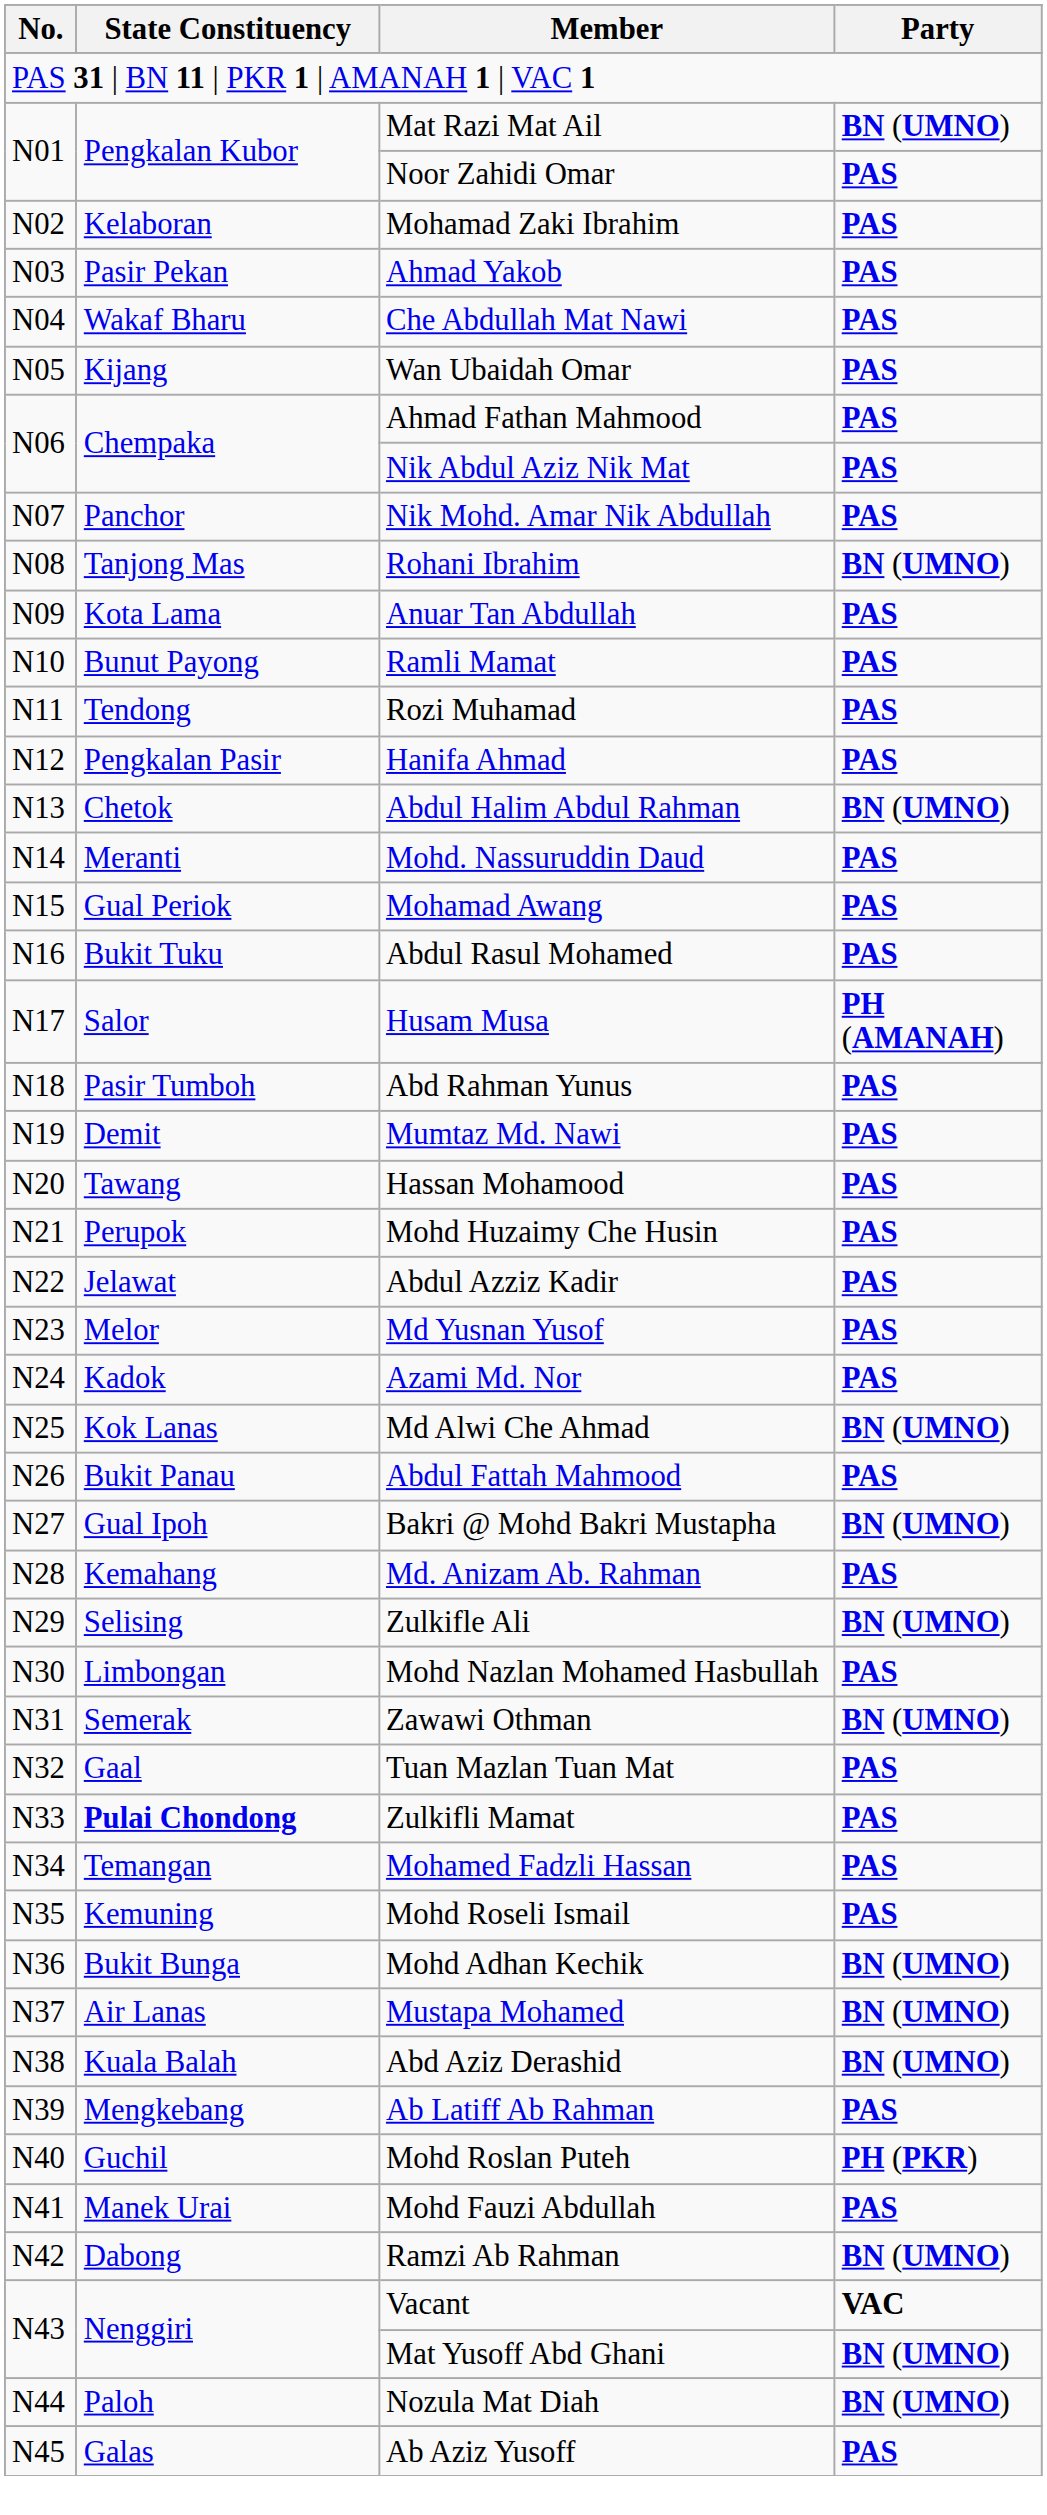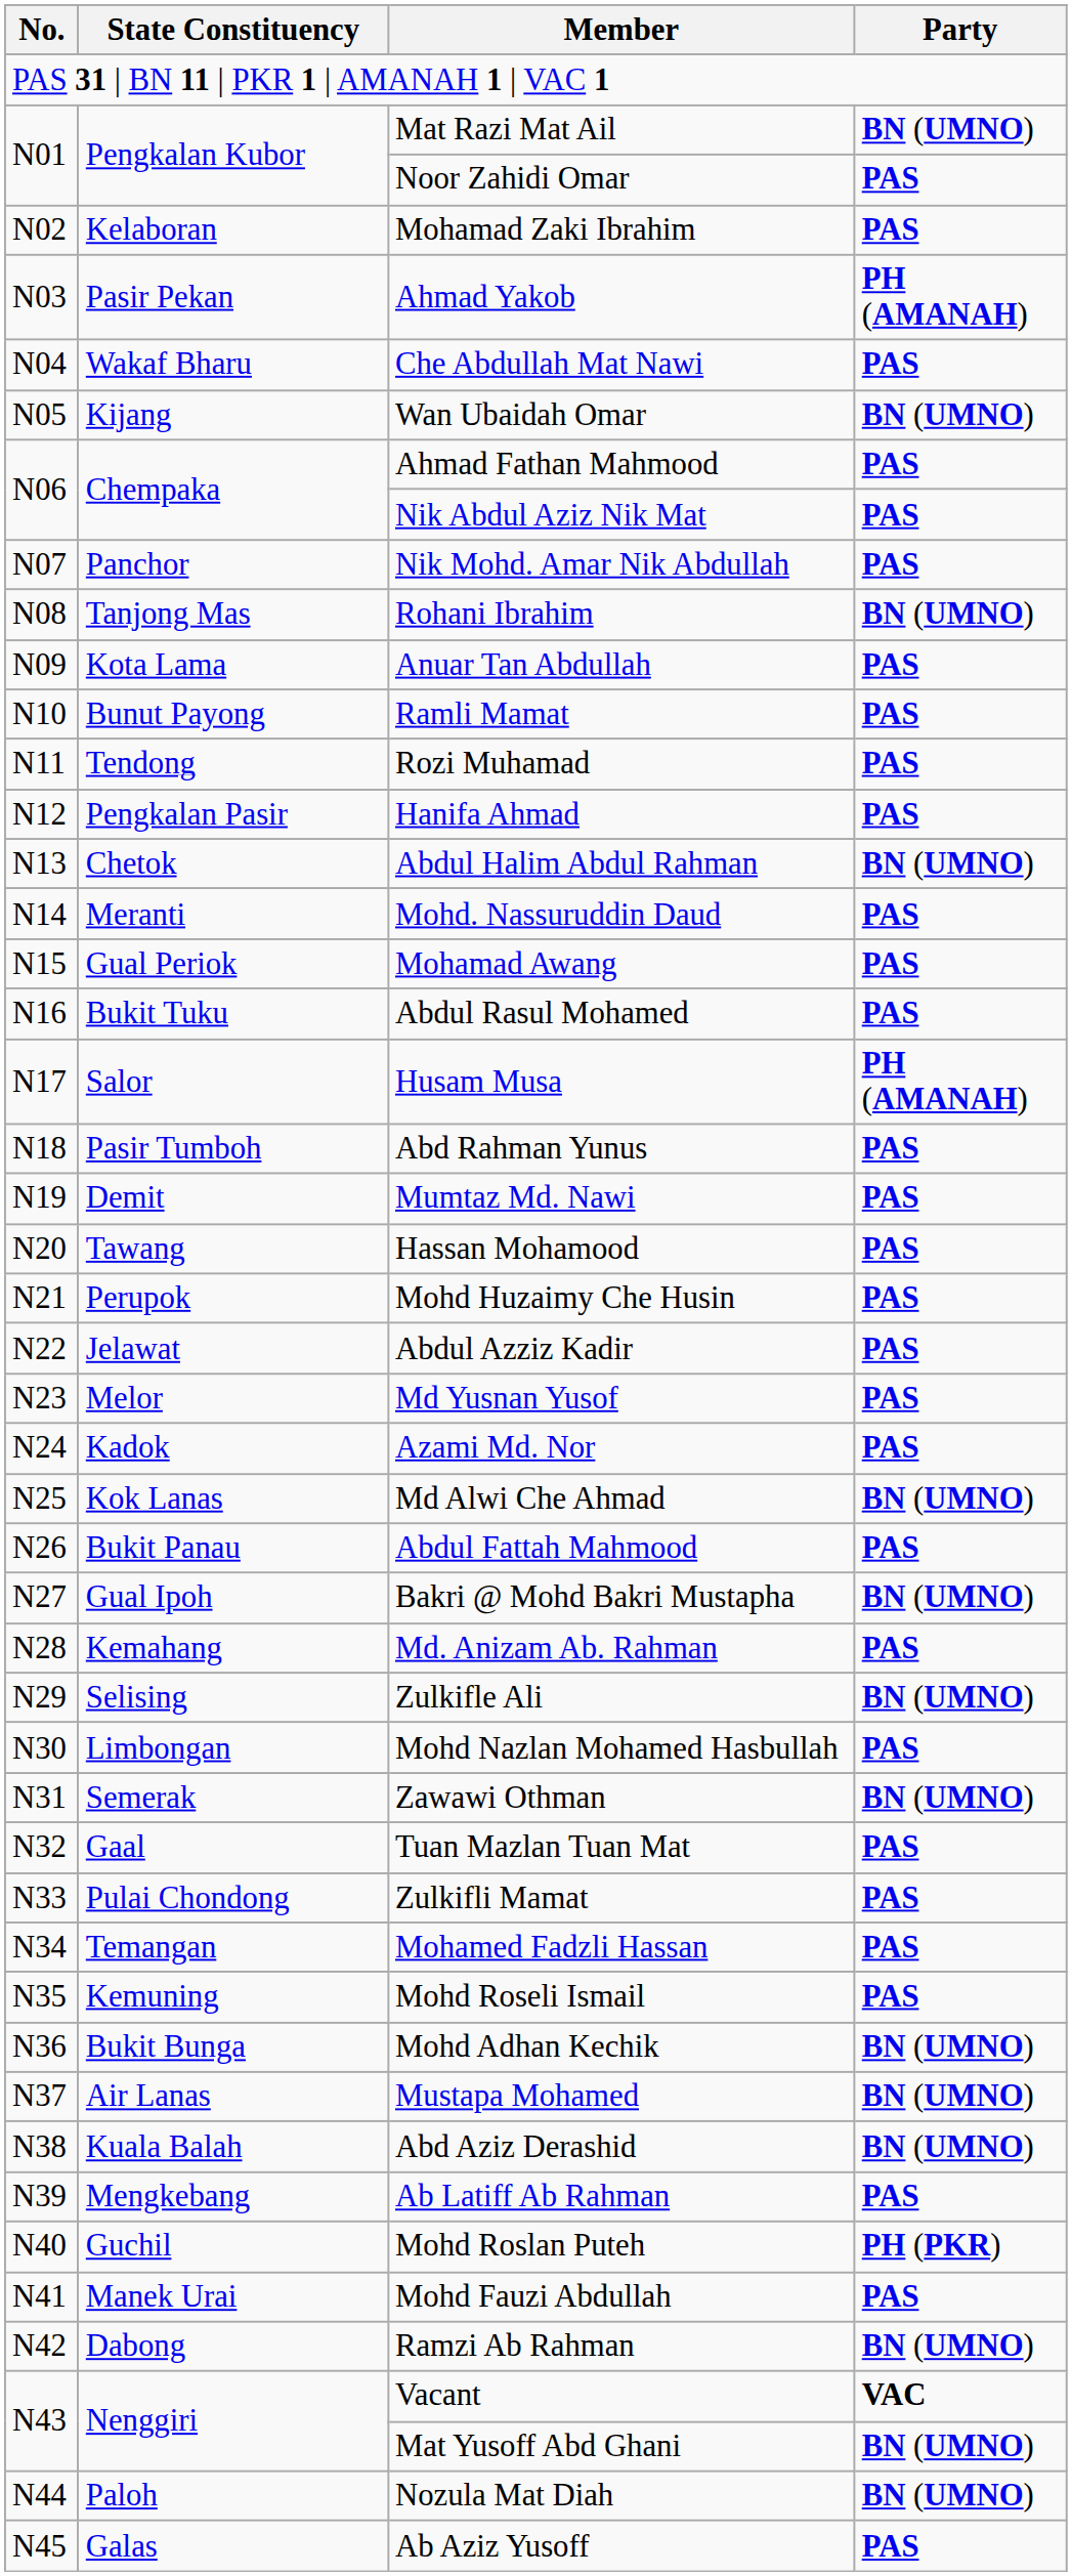 <table class="wikitable sortable">
 <tr>
 <th style="width:30px;">No.</th>
 <th style="width:150px;">State Constituency</th>
 <th style="width:230px;">Member</th>
 <th style="width:100px;">Party</th>
 </tr>
 <tr>
 <td colspan="4"><a href='#'>PAS</a> <strong>31</strong> | <a href='#'>BN</a> <strong>11</strong> | <a href='#'>PKR</a> <strong>1</strong> | <a href='#'>AMANAH</a> <strong>1</strong> | <a href='#'>VAC</a> <strong>1</strong></td>
 </tr>
 <tr>
 <td rowspan=2>N01</td>
 <td rowspan=2><a href='#'>Pengkalan Kubor</a></td>
 <td>Mat Razi Mat Ail </td>
 <td><strong><a href='#'>BN</a></strong> (<strong><a href='#'>UMNO</a></strong>)</td>
 </tr>
 <tr>
 <td>Noor Zahidi Omar </td>
 <td><strong><a href='#'>PAS</a></strong></td>
 </tr>
 <tr>
 <td>N02</td>
 <td><a href='#'>Kelaboran</a></td>
 <td>Mohamad Zaki Ibrahim</td>
 <td><strong><a href='#'>PAS</a></strong></td>
 </tr>
 <tr>
 <td>N03</td>
 <td><a href='#'>Pasir Pekan</a></td>
 <td><a href='#'>Ahmad Yakob</a></td>
-<td><strong><a href='#'>PAS</a></strong></td>
+<td><strong><a href='#'>PH</a></strong> (<strong><a href='#'>AMANAH</a></strong>)</td>
 </tr>
 <tr>
 <td>N04</td>
 <td><a href='#'>Wakaf Bharu</a></td>
 <td><a href='#'>Che Abdullah Mat Nawi</a></td>
 <td><strong><a href='#'>PAS</a></strong></td>
 </tr>
 <tr>
 <td>N05</td>
 <td><a href='#'>Kijang</a></td>
 <td>Wan Ubaidah Omar</td>
-<td><strong><a href='#'>PAS</a></strong></td>
+<td><strong><a href='#'>BN</a></strong> (<strong><a href='#'>UMNO</a></strong>)</td>
 </tr>
 <tr>
 <td rowspan=2>N06</td>
 <td rowspan=2><a href='#'>Chempaka</a></td>
 <td>Ahmad Fathan Mahmood </td>
 <td><strong><a href='#'>PAS</a></strong></td>
 </tr>
 <tr>
 <td><a href='#'>Nik Abdul Aziz Nik Mat</a> </td>
 <td><strong><a href='#'>PAS</a></strong></td>
 </tr>
 <tr>
 <td>N07</td>
 <td><a href='#'>Panchor</a></td>
 <td><a href='#'>Nik Mohd. Amar Nik Abdullah</a></td>
 <td><strong><a href='#'>PAS</a></strong></td>
 </tr>
 <tr>
 <td>N08</td>
 <td><a href='#'>Tanjong Mas</a></td>
 <td><a href='#'>Rohani Ibrahim</a></td>
 <td><strong><a href='#'>BN</a></strong> (<strong><a href='#'>UMNO</a></strong>)</td>
 </tr>
 <tr>
 <td>N09</td>
 <td><a href='#'>Kota Lama</a></td>
 <td><a href='#'>Anuar Tan Abdullah</a></td>
 <td><strong><a href='#'>PAS</a></strong></td>
 </tr>
 <tr>
 <td>N10</td>
 <td><a href='#'>Bunut Payong</a></td>
 <td><a href='#'>Ramli Mamat</a></td>
 <td><strong><a href='#'>PAS</a></strong></td>
 </tr>
 <tr>
 <td>N11</td>
 <td><a href='#'>Tendong</a></td>
 <td>Rozi Muhamad</td>
 <td><strong><a href='#'>PAS</a></strong></td>
 </tr>
 <tr>
 <td>N12</td>
 <td><a href='#'>Pengkalan Pasir</a></td>
 <td><a href='#'>Hanifa Ahmad</a></td>
 <td><strong><a href='#'>PAS</a></strong></td>
 </tr>
 <tr>
 <td>N13</td>
 <td><a href='#'>Chetok</a></td>
 <td><a href='#'>Abdul Halim Abdul Rahman</a></td>
 <td><strong><a href='#'>BN</a></strong> (<strong><a href='#'>UMNO</a></strong>)</td>
 </tr>
 <tr>
 <td>N14</td>
 <td><a href='#'>Meranti</a></td>
 <td><a href='#'>Mohd. Nassuruddin Daud</a></td>
 <td><strong><a href='#'>PAS</a></strong></td>
 </tr>
 <tr>
 <td>N15</td>
 <td><a href='#'>Gual Periok</a></td>
 <td><a href='#'>Mohamad Awang</a></td>
 <td><strong><a href='#'>PAS</a></strong></td>
 </tr>
 <tr>
 <td>N16</td>
 <td><a href='#'>Bukit Tuku</a></td>
 <td>Abdul Rasul Mohamed</td>
 <td><strong><a href='#'>PAS</a></strong></td>
 </tr>
 <tr>
 <td>N17</td>
 <td><a href='#'>Salor</a></td>
 <td><a href='#'>Husam Musa</a></td>
 <td><strong><a href='#'>PH</a></strong> (<strong><a href='#'>AMANAH</a></strong>)</td>
 </tr>
 <tr>
 <td>N18</td>
 <td><a href='#'>Pasir Tumboh</a></td>
 <td>Abd Rahman Yunus</td>
 <td><strong><a href='#'>PAS</a></strong></td>
 </tr>
 <tr>
 <td>N19</td>
 <td><a href='#'>Demit</a></td>
 <td><a href='#'>Mumtaz Md. Nawi</a></td>
 <td><strong><a href='#'>PAS</a></strong></td>
 </tr>
 <tr>
 <td>N20</td>
 <td><a href='#'>Tawang</a></td>
 <td>Hassan Mohamood</td>
 <td><strong><a href='#'>PAS</a></strong></td>
 </tr>
 <tr>
 <td>N21</td>
 <td><a href='#'>Perupok</a></td>
 <td>Mohd Huzaimy Che Husin</td>
 <td><strong><a href='#'>PAS</a></strong></td>
 </tr>
 <tr>
 <td>N22</td>
 <td><a href='#'>Jelawat</a></td>
 <td>Abdul Azziz Kadir</td>
 <td><strong><a href='#'>PAS</a></strong></td>
 </tr>
 <tr>
 <td>N23</td>
 <td><a href='#'>Melor</a></td>
 <td><a href='#'>Md Yusnan Yusof</a></td>
 <td><strong><a href='#'>PAS</a></strong></td>
 </tr>
 <tr>
 <td>N24</td>
 <td><a href='#'>Kadok</a></td>
 <td><a href='#'>Azami Md. Nor</a></td>
 <td><strong><a href='#'>PAS</a></strong></td>
 </tr>
 <tr>
 <td>N25</td>
 <td><a href='#'>Kok Lanas</a></td>
 <td>Md Alwi Che Ahmad</td>
 <td><strong><a href='#'>BN</a></strong> (<strong><a href='#'>UMNO</a></strong>)</td>
 </tr>
 <tr>
 <td>N26</td>
 <td><a href='#'>Bukit Panau</a></td>
 <td><a href='#'>Abdul Fattah Mahmood</a></td>
 <td><strong><a href='#'>PAS</a></strong></td>
 </tr>
 <tr>
 <td>N27</td>
 <td><a href='#'>Gual Ipoh</a></td>
 <td>Bakri @ Mohd Bakri Mustapha</td>
 <td><strong><a href='#'>BN</a></strong> (<strong><a href='#'>UMNO</a></strong>)</td>
 </tr>
 <tr>
 <td>N28</td>
 <td><a href='#'>Kemahang</a></td>
 <td><a href='#'>Md. Anizam Ab. Rahman</a></td>
 <td><strong><a href='#'>PAS</a></strong></td>
 </tr>
 <tr>
 <td>N29</td>
 <td><a href='#'>Selising</a></td>
 <td>Zulkifle Ali</td>
 <td><strong><a href='#'>BN</a></strong> (<strong><a href='#'>UMNO</a></strong>)</td>
 </tr>
 <tr>
 <td>N30</td>
 <td><a href='#'>Limbongan</a></td>
 <td>Mohd Nazlan Mohamed Hasbullah</td>
 <td><strong><a href='#'>PAS</a></strong></td>
 </tr>
 <tr>
 <td>N31</td>
 <td><a href='#'>Semerak</a></td>
 <td>Zawawi Othman</td>
 <td><strong><a href='#'>BN</a></strong> (<strong><a href='#'>UMNO</a></strong>)</td>
 </tr>
 <tr>
 <td>N32</td>
 <td><a href='#'>Gaal</a></td>
 <td>Tuan Mazlan Tuan Mat</td>
 <td><strong><a href='#'>PAS</a></strong></td>
 </tr>
 <tr>
 <td>N33</td>
-<td><strong><a href='#'>Pulai Chondong</a></strong></td>
+<td><a href='#'>Pulai Chondong</a></td>
 <td>Zulkifli Mamat</td>
 <td><strong><a href='#'>PAS</a></strong></td>
 </tr>
 <tr>
 <td>N34</td>
 <td><a href='#'>Temangan</a></td>
 <td><a href='#'>Mohamed Fadzli Hassan</a></td>
 <td><strong><a href='#'>PAS</a></strong></td>
 </tr>
 <tr>
 <td>N35</td>
 <td><a href='#'>Kemuning</a></td>
 <td>Mohd Roseli Ismail</td>
 <td><strong><a href='#'>PAS</a></strong></td>
 </tr>
 <tr>
 <td>N36</td>
 <td><a href='#'>Bukit Bunga</a></td>
 <td>Mohd Adhan Kechik</td>
 <td><strong><a href='#'>BN</a></strong> (<strong><a href='#'>UMNO</a></strong>)</td>
 </tr>
 <tr>
 <td>N37</td>
 <td><a href='#'>Air Lanas</a></td>
 <td><a href='#'>Mustapa Mohamed</a></td>
 <td><strong><a href='#'>BN</a></strong> (<strong><a href='#'>UMNO</a></strong>)</td>
 </tr>
 <tr>
 <td>N38</td>
 <td><a href='#'>Kuala Balah</a></td>
 <td>Abd Aziz Derashid</td>
 <td><strong><a href='#'>BN</a></strong> (<strong><a href='#'>UMNO</a></strong>)</td>
 </tr>
 <tr>
 <td>N39</td>
 <td><a href='#'>Mengkebang</a></td>
 <td><a href='#'>Ab Latiff Ab Rahman</a></td>
 <td><strong><a href='#'>PAS</a></strong></td>
 </tr>
 <tr>
 <td>N40</td>
 <td><a href='#'>Guchil</a></td>
 <td>Mohd Roslan Puteh</td>
 <td><strong><a href='#'>PH</a></strong> (<strong><a href='#'>PKR</a></strong>)</td>
 </tr>
 <tr>
 <td>N41</td>
 <td><a href='#'>Manek Urai</a></td>
 <td>Mohd Fauzi Abdullah</td>
 <td><strong><a href='#'>PAS</a></strong></td>
 </tr>
 <tr>
 <td>N42</td>
 <td><a href='#'>Dabong</a></td>
 <td>Ramzi Ab Rahman</td>
 <td><strong><a href='#'>BN</a></strong> (<strong><a href='#'>UMNO</a></strong>)</td>
 </tr>
 <tr>
 <td rowspan=2>N43</td>
 <td rowspan=2><a href='#'>Nenggiri</a></td>
 <td>Vacant </td>
 <td><strong>VAC</strong></td>
 </tr>
 <tr>
 <td>Mat Yusoff Abd Ghani </td>
 <td><strong><a href='#'>BN</a></strong> (<strong><a href='#'>UMNO</a></strong>)</td>
 </tr>
 <tr>
 <td>N44</td>
 <td><a href='#'>Paloh</a></td>
 <td>Nozula Mat Diah</td>
 <td><strong><a href='#'>BN</a></strong> (<strong><a href='#'>UMNO</a></strong>)</td>
 </tr>
 <tr>
 <td>N45</td>
 <td><a href='#'>Galas</a></td>
 <td>Ab Aziz Yusoff</td>
 <td><strong><a href='#'>PAS</a></strong></td>
 </tr>
 </table>
